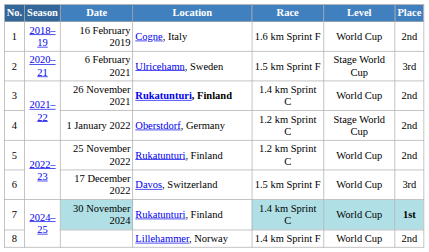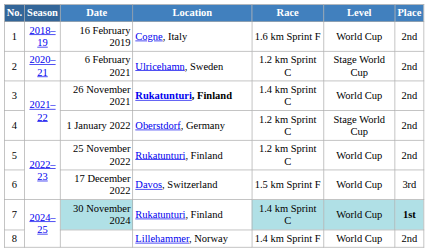 <table class="wikitable sortable" style="font-size:95%; text-align:center; border:grey solid 1px; border-collapse:collapse; background:#ffffff;">
 <tr style="background:#efefef;">
 <th style="background-color:#369; color:white;">No.</th>
 <th style="background-color:#369; color:white;">Season</th>
 <th style="background-color:#4180be; color:white; width:100px;">Date</th>
 <th style="background-color:#4180be; color:white; width:170px;">Location</th>
 <th style="background-color:#4180be; color:white; width:100px;">Race</th>
 <th style="background-color:#4180be; color:white; width:100px;">Level</th>
 <th style="background-color:#4180be; color:white;">Place</th>
 </tr>
 <tr>
 <td>1</td>
 <td rowspan="1"><a href='#'>2018–19</a></td>
 <td align=right>16 February 2019</td>
 <td align=left> <a href='#'>Cogne</a>, Italy</td>
 <td>1.6 km Sprint F</td>
 <td>World Cup</td>
 <td>2nd</td>
 </tr>
 <tr>
 <td>2</td>
 <td rowspan="1"><a href='#'>2020–21</a></td>
 <td align=right>6 February 2021</td>
 <td align=left> <a href='#'>Ulricehamn</a>, Sweden</td>
-<td>1.5 km Sprint F</td>
+<td>1.2 km Sprint C</td>
 <td>Stage World Cup</td>
-<td>3rd</td>
+<td>2nd</td>
 </tr>
 <tr>
 <td>3</td>
 <td rowspan=2><a href='#'>2021–22</a></td>
 <td align=right>26 November 2021</td>
 <td align=left><strong> <a href='#'>Rukatunturi</a>, Finland</strong></td>
 <td>1.4 km Sprint C</td>
 <td>World Cup</td>
 <td>2nd</td>
 </tr>
 <tr>
 <td>4</td>
 <td align=right>1 January 2022</td>
 <td align=left> <a href='#'>Oberstdorf</a>, Germany</td>
 <td>1.2 km Sprint C</td>
 <td>Stage World Cup</td>
 <td>2nd</td>
 </tr>
 <tr>
 <td>5</td>
 <td rowspan=2><a href='#'>2022–23</a></td>
 <td align=right>25 November 2022</td>
 <td align=left> <a href='#'>Rukatunturi</a>, Finland</td>
 <td>1.2 km Sprint C</td>
 <td>World Cup</td>
 <td>2nd</td>
 </tr>
 <tr>
 <td>6</td>
 <td align=right>17 December 2022</td>
 <td align=left> <a href='#'>Davos</a>, Switzerland</td>
 <td>1.5 km Sprint F</td>
 <td>World Cup</td>
 <td>3rd</td>
 </tr>
 <tr>
 <td>7</td>
 <td rowspan=2><a href='#'>2024–25</a></td>
 <td bgcolor="#BOEOE6" align=right>30 November 2024</td>
 <td align=left> <a href='#'>Rukatunturi</a>, Finland</td>
 <td bgcolor="#BOEOE6">1.4 km Sprint C</td>
 <td bgcolor="#BOEOE6">World Cup</td>
 <td bgcolor="#BOEOE6"><strong>1st</strong></td>
 </tr>
 <tr>
 <td>8</td>
 <td align=right></td>
 <td align=left> <a href='#'>Lillehammer</a>, Norway</td>
 <td>1.4 km Sprint F</td>
 <td>World Cup</td>
 <td>2nd</td>
 </tr>
 </table>
